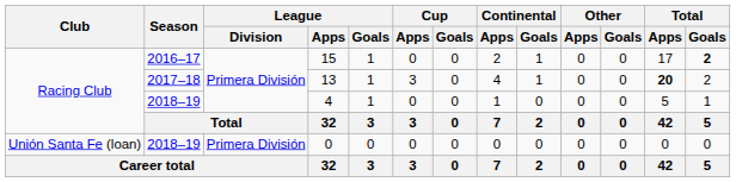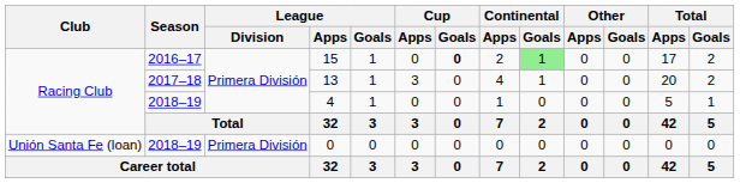 <table class="wikitable" style="text-align:center">
 <tr>
 <th rowspan="2">Club</th>
 <th rowspan="2">Season</th>
 <th colspan="3">League</th>
 <th colspan="2">Cup</th>
 <th colspan="2">Continental</th>
 <th colspan="2">Other</th>
 <th colspan="2">Total</th>
 </tr>
 <tr>
 <th>Division</th>
 <th>Apps</th>
 <th>Goals</th>
 <th>Apps</th>
 <th>Goals</th>
 <th>Apps</th>
 <th>Goals</th>
 <th>Apps</th>
 <th>Goals</th>
 <th>Apps</th>
 <th>Goals</th>
 </tr>
 <tr>
 <td rowspan="4"><a href='#'>Racing Club</a></td>
 <td><a href='#'>2016–17</a></td>
 <td rowspan="3"><a href='#'>Primera División</a></td>
 <td>15</td>
 <td>1</td>
 <td>0</td>
-<td>0</td>
+<td><strong>0</strong></td>
 <td>2</td>
-<td>1</td>
+<td style="background: lightgreen;">1</td>
 <td>0</td>
 <td>0</td>
 <td>17</td>
-<td><strong>2</strong></td>
+<td>2</td>
 </tr>
 <tr>
 <td><a href='#'>2017–18</a></td>
 <td>13</td>
 <td>1</td>
 <td>3</td>
 <td>0</td>
 <td>4</td>
 <td>1</td>
 <td>0</td>
 <td>0</td>
-<td><strong>20</strong></td>
+<td>20</td>
 <td>2</td>
 </tr>
 <tr>
 <td><a href='#'>2018–19</a></td>
 <td>4</td>
 <td>1</td>
 <td>0</td>
 <td>0</td>
 <td>1</td>
 <td>0</td>
 <td>0</td>
 <td>0</td>
 <td>5</td>
 <td>1</td>
 </tr>
 <tr>
 <th colspan="2">Total</th>
 <th>32</th>
 <th>3</th>
 <th>3</th>
 <th>0</th>
 <th>7</th>
 <th>2</th>
 <th>0</th>
 <th>0</th>
 <th>42</th>
 <th>5</th>
 </tr>
 <tr>
 <td rowspan="1"><a href='#'>Unión Santa Fe</a> (loan)</td>
 <td><a href='#'>2018–19</a></td>
 <td rowspan="1"><a href='#'>Primera División</a></td>
 <td>0</td>
 <td>0</td>
 <td>0</td>
 <td>0</td>
 <td>0</td>
 <td>0</td>
 <td>0</td>
 <td>0</td>
 <td>0</td>
 <td>0</td>
 </tr>
 <tr>
 <th colspan="3">Career total</th>
 <th>32</th>
 <th>3</th>
 <th>3</th>
 <th>0</th>
 <th>7</th>
 <th>2</th>
 <th>0</th>
 <th>0</th>
 <th>42</th>
 <th>5</th>
 </tr>
 </table>
